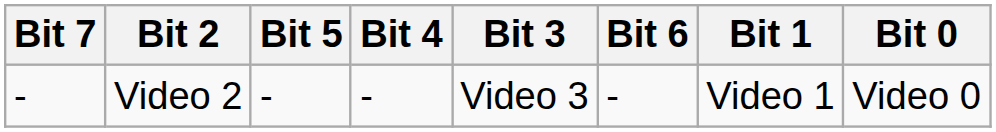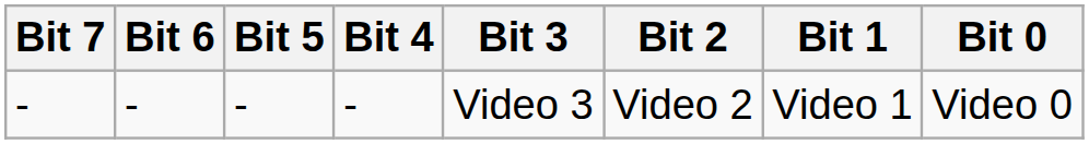 <table class="wikitable">
 <tr>
 <th>Bit 7</th>
-<th>Bit 2</th>
+<th>Bit 6</th>
 <th>Bit 5</th>
 <th>Bit 4</th>
 <th>Bit 3</th>
-<th>Bit 6</th>
+<th>Bit 2</th>
 <th>Bit 1</th>
 <th>Bit 0</th>
 </tr>
 <tr>
 <td>-</td>
-<td>Video 2</td>
+<td>-</td>
 <td>-</td>
 <td>-</td>
 <td>Video 3</td>
-<td>-</td>
+<td>Video 2</td>
 <td>Video 1</td>
 <td>Video 0</td>
 </tr>
 </table>
